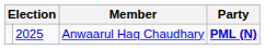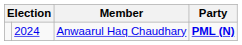 <table class="wikitable">
 <tr>
 <th colspan="2">Election</th>
 <th>Member</th>
 <th>Party</th>
 </tr>
 <tr>
 <td style="background-color: "></td>
-<td><a href='#'>2025</a></td>
+<td><a href='#'>2024</a></td>
 <td><a href='#'>Anwaarul Haq Chaudhary</a></td>
 <td><strong><a href='#'>PML (N)</a></strong></td>
 </tr>
 </table>
